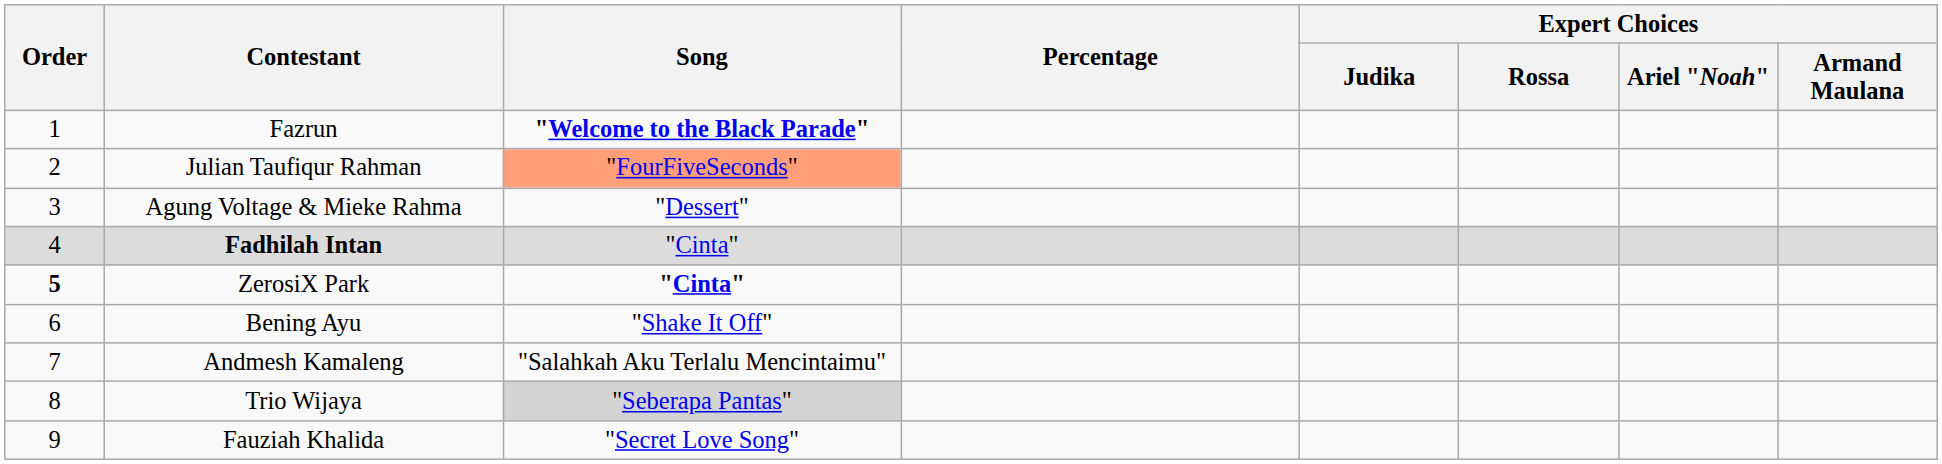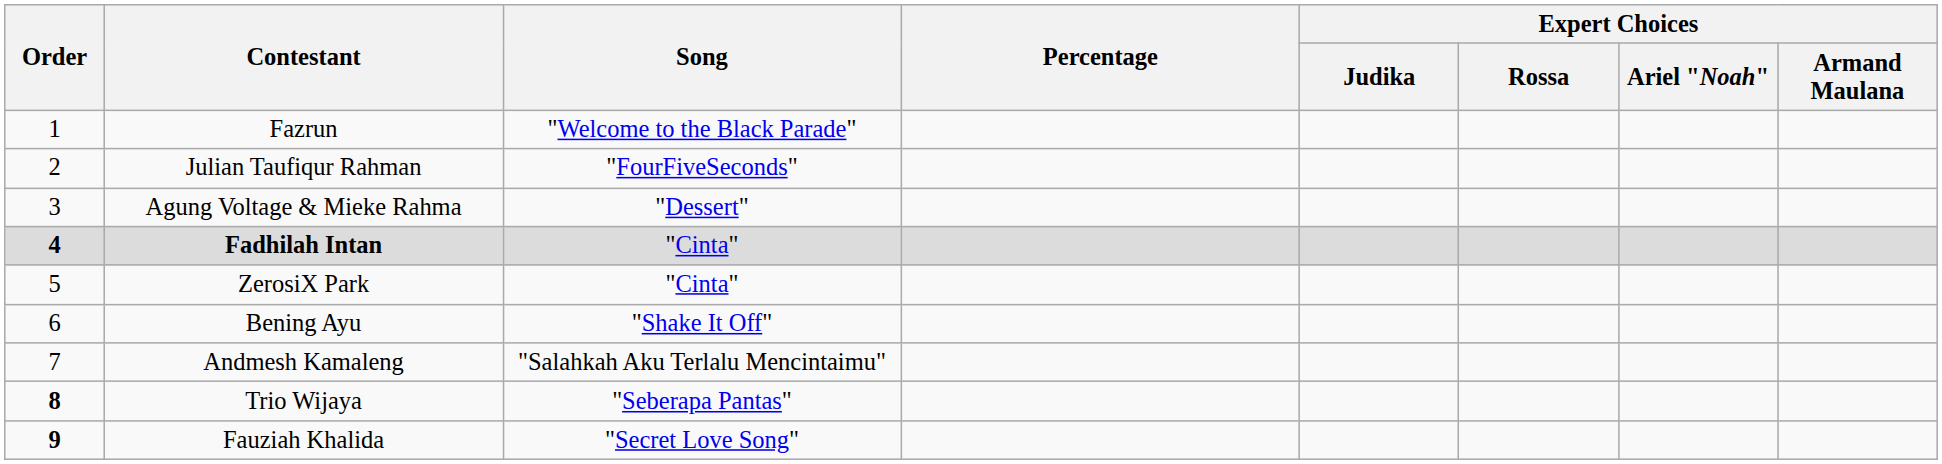 <table class="wikitable" style="text-align:center; width:100%;">
 <tr>
 <th scope="col" rowspan="2" style="width:05%;">Order</th>
 <th scope="col" rowspan="2" style="width:20%;">Contestant</th>
 <th scope="col" rowspan="2" style="width:20%;">Song</th>
 <th scope="col" rowspan="2" style="width:20%;">Percentage</th>
 <th scope="col" colspan="4" style="width:32%;">Expert Choices</th>
 </tr>
 <tr>
 <th style="width:08%;">Judika</th>
 <th style="width:08%;">Rossa</th>
 <th style="width:08%;">Ariel "<em>Noah</em>"</th>
 <th style="width:08%;">Armand Maulana</th>
 </tr>
 <tr>
 <td>1</td>
 <td>Fazrun</td>
-<td><strong>"<a href='#'>Welcome to the Black Parade</a>"</strong></td>
+<td>"<a href='#'>Welcome to the Black Parade</a>"</td>
 <td></td>
 <td></td>
 <td></td>
 <td></td>
 <td></td>
 </tr>
 <tr>
 <td>2</td>
 <td>Julian Taufiqur Rahman</td>
-<td style="background: lightsalmon;">"<a href='#'>FourFiveSeconds</a>"</td>
+<td>"<a href='#'>FourFiveSeconds</a>"</td>
 <td></td>
 <td></td>
 <td></td>
 <td></td>
 <td></td>
 </tr>
 <tr>
 <td>3</td>
 <td>Agung Voltage & Mieke Rahma</td>
 <td>"<a href='#'>Dessert</a>"</td>
 <td></td>
 <td></td>
 <td></td>
 <td></td>
 <td></td>
 </tr>
 <tr style="background:#DCDCDC;">
-<td>4</td>
+<td><strong>4</strong></td>
 <td><strong>Fadhilah Intan</strong></td>
 <td>"<a href='#'>Cinta</a>"</td>
 <td></td>
 <td></td>
 <td></td>
 <td></td>
 <td></td>
 </tr>
 <tr>
-<td><strong>5</strong></td>
+<td>5</td>
 <td>ZerosiX Park</td>
-<td><strong>"<a href='#'>Cinta</a>"</strong></td>
+<td>"<a href='#'>Cinta</a>"</td>
 <td></td>
 <td></td>
 <td></td>
 <td></td>
 <td></td>
 </tr>
 <tr>
 <td>6</td>
 <td>Bening Ayu</td>
 <td>"<a href='#'>Shake It Off</a>"</td>
 <td></td>
 <td></td>
 <td></td>
 <td></td>
 <td></td>
 </tr>
 <tr>
 <td>7</td>
 <td>Andmesh Kamaleng</td>
 <td>"Salahkah Aku Terlalu Mencintaimu"</td>
 <td></td>
 <td></td>
 <td></td>
 <td></td>
 <td></td>
 </tr>
 <tr>
-<td>8</td>
+<td><strong>8</strong></td>
 <td>Trio Wijaya</td>
-<td style="background: lightgrey;">"<a href='#'>Seberapa Pantas</a>"</td>
+<td>"<a href='#'>Seberapa Pantas</a>"</td>
 <td></td>
 <td></td>
 <td></td>
 <td></td>
 <td></td>
 </tr>
 <tr>
-<td>9</td>
+<td><strong>9</strong></td>
 <td>Fauziah Khalida</td>
 <td>"<a href='#'>Secret Love Song</a>"</td>
 <td></td>
 <td></td>
 <td></td>
 <td></td>
 <td></td>
 </tr>
 </table>
